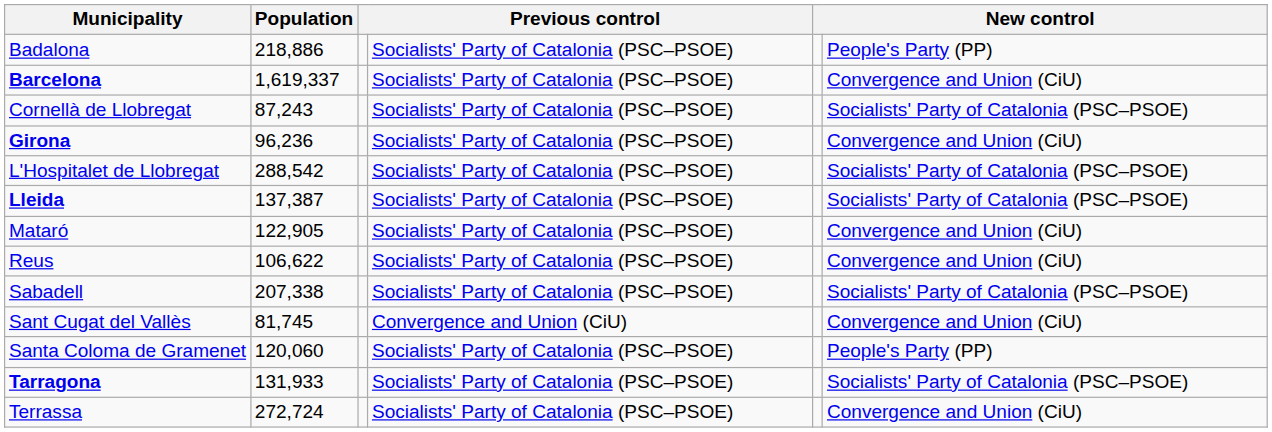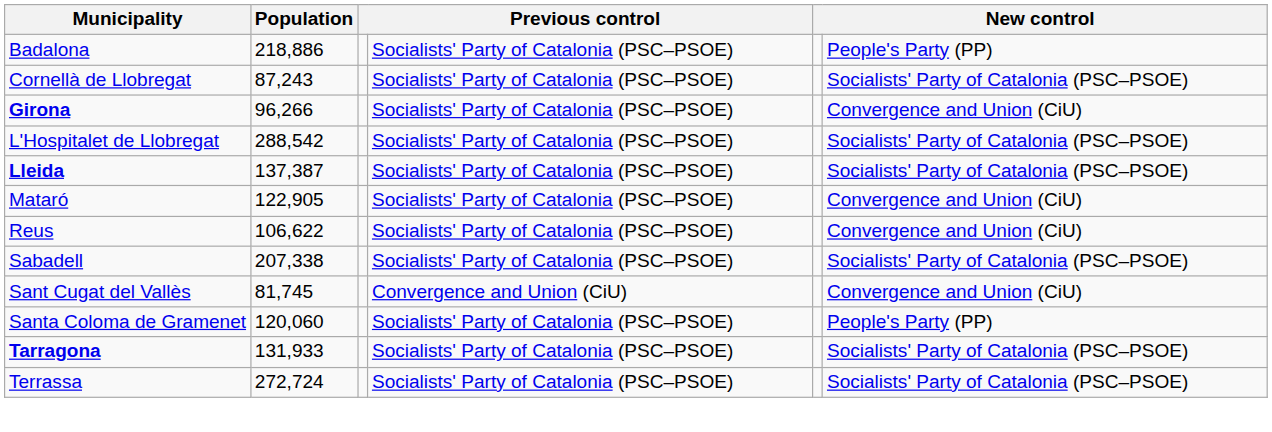 <table class="wikitable sortable">
 <tr>
 <th>Municipality</th>
 <th>Population</th>
 <th colspan="2" style="width:375px;">Previous control</th>
 <th colspan="2" style="width:375px;">New control</th>
 </tr>
 <tr>
 <td><a href='#'>Badalona</a></td>
 <td>218,886</td>
 <td width="1" style="color:inherit;background:"></td>
 <td><a href='#'>Socialists' Party of Catalonia</a> (PSC–PSOE)</td>
 <td width="1" style="color:inherit;background:"></td>
 <td><a href='#'>People's Party</a> (PP)</td>
 </tr>
 <tr>
-<td><strong><a href='#'>Barcelona</a></strong></td>
-<td>1,619,337</td>
-<td style="color:inherit;background:"></td>
-<td><a href='#'>Socialists' Party of Catalonia</a> (PSC–PSOE)</td>
-<td style="color:inherit;background:"></td>
-<td><a href='#'>Convergence and Union</a> (CiU)</td>
-</tr>
-<tr>
 <td><a href='#'>Cornellà de Llobregat</a></td>
 <td>87,243</td>
 <td style="color:inherit;background:"></td>
 <td><a href='#'>Socialists' Party of Catalonia</a> (PSC–PSOE)</td>
 <td style="color:inherit;background:"></td>
 <td><a href='#'>Socialists' Party of Catalonia</a> (PSC–PSOE)</td>
 </tr>
 <tr>
 <td><strong><a href='#'>Girona</a></strong></td>
-<td>96,236</td>
+<td>96,266</td>
 <td style="color:inherit;background:"></td>
 <td><a href='#'>Socialists' Party of Catalonia</a> (PSC–PSOE)</td>
 <td style="color:inherit;background:"></td>
 <td><a href='#'>Convergence and Union</a> (CiU)</td>
 </tr>
 <tr>
 <td><a href='#'>L'Hospitalet de Llobregat</a></td>
 <td>288,542</td>
 <td style="color:inherit;background:"></td>
 <td><a href='#'>Socialists' Party of Catalonia</a> (PSC–PSOE)</td>
 <td style="color:inherit;background:"></td>
 <td><a href='#'>Socialists' Party of Catalonia</a> (PSC–PSOE)</td>
 </tr>
 <tr>
 <td><strong><a href='#'>Lleida</a></strong></td>
 <td>137,387</td>
 <td style="color:inherit;background:"></td>
 <td><a href='#'>Socialists' Party of Catalonia</a> (PSC–PSOE)</td>
 <td style="color:inherit;background:"></td>
 <td><a href='#'>Socialists' Party of Catalonia</a> (PSC–PSOE)</td>
 </tr>
 <tr>
 <td><a href='#'>Mataró</a></td>
 <td>122,905</td>
 <td style="color:inherit;background:"></td>
 <td><a href='#'>Socialists' Party of Catalonia</a> (PSC–PSOE)</td>
 <td style="color:inherit;background:"></td>
 <td><a href='#'>Convergence and Union</a> (CiU)</td>
 </tr>
 <tr>
 <td><a href='#'>Reus</a></td>
 <td>106,622</td>
 <td style="color:inherit;background:"></td>
 <td><a href='#'>Socialists' Party of Catalonia</a> (PSC–PSOE)</td>
 <td style="color:inherit;background:"></td>
 <td><a href='#'>Convergence and Union</a> (CiU)</td>
 </tr>
 <tr>
 <td><a href='#'>Sabadell</a></td>
 <td>207,338</td>
 <td style="color:inherit;background:"></td>
 <td><a href='#'>Socialists' Party of Catalonia</a> (PSC–PSOE)</td>
 <td style="color:inherit;background:"></td>
 <td><a href='#'>Socialists' Party of Catalonia</a> (PSC–PSOE)</td>
 </tr>
 <tr>
 <td><a href='#'>Sant Cugat del Vallès</a></td>
 <td>81,745</td>
 <td style="color:inherit;background:"></td>
 <td><a href='#'>Convergence and Union</a> (CiU)</td>
 <td style="color:inherit;background:"></td>
 <td><a href='#'>Convergence and Union</a> (CiU)</td>
 </tr>
 <tr>
 <td><a href='#'>Santa Coloma de Gramenet</a></td>
 <td>120,060</td>
 <td style="color:inherit;background:"></td>
 <td><a href='#'>Socialists' Party of Catalonia</a> (PSC–PSOE)</td>
 <td style="color:inherit;background:"></td>
 <td><a href='#'>People's Party</a> (PP)</td>
 </tr>
 <tr>
 <td><strong><a href='#'>Tarragona</a></strong></td>
 <td>131,933</td>
 <td style="color:inherit;background:"></td>
 <td><a href='#'>Socialists' Party of Catalonia</a> (PSC–PSOE)</td>
 <td style="color:inherit;background:"></td>
 <td><a href='#'>Socialists' Party of Catalonia</a> (PSC–PSOE)</td>
 </tr>
 <tr>
 <td><a href='#'>Terrassa</a></td>
 <td>272,724</td>
 <td style="color:inherit;background:"></td>
 <td><a href='#'>Socialists' Party of Catalonia</a> (PSC–PSOE)</td>
 <td style="color:inherit;background:"></td>
-<td><a href='#'>Convergence and Union</a> (CiU)</td>
+<td><a href='#'>Socialists' Party of Catalonia</a> (PSC–PSOE)</td>
 </tr>
 </table>
